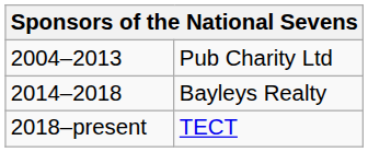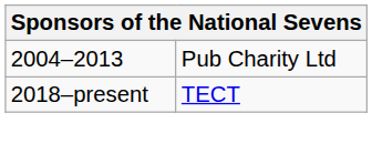 <table class="wikitable floatright" style="text-align:left; margin-left:1em; cellpadding:5; font-size:100%;">
 <tr>
 <th colspan="2" align="center">Sponsors of the National Sevens</th>
 </tr>
 <tr>
 <td>2004–2013</td>
 <td>Pub Charity Ltd</td>
 </tr>
 <tr>
-<td>2014–2018</td>
-<td>Bayleys Realty</td>
-</tr>
-<tr>
 <td>2018–present</td>
 <td><a href='#'>TECT</a></td>
 </tr>
 </table>
